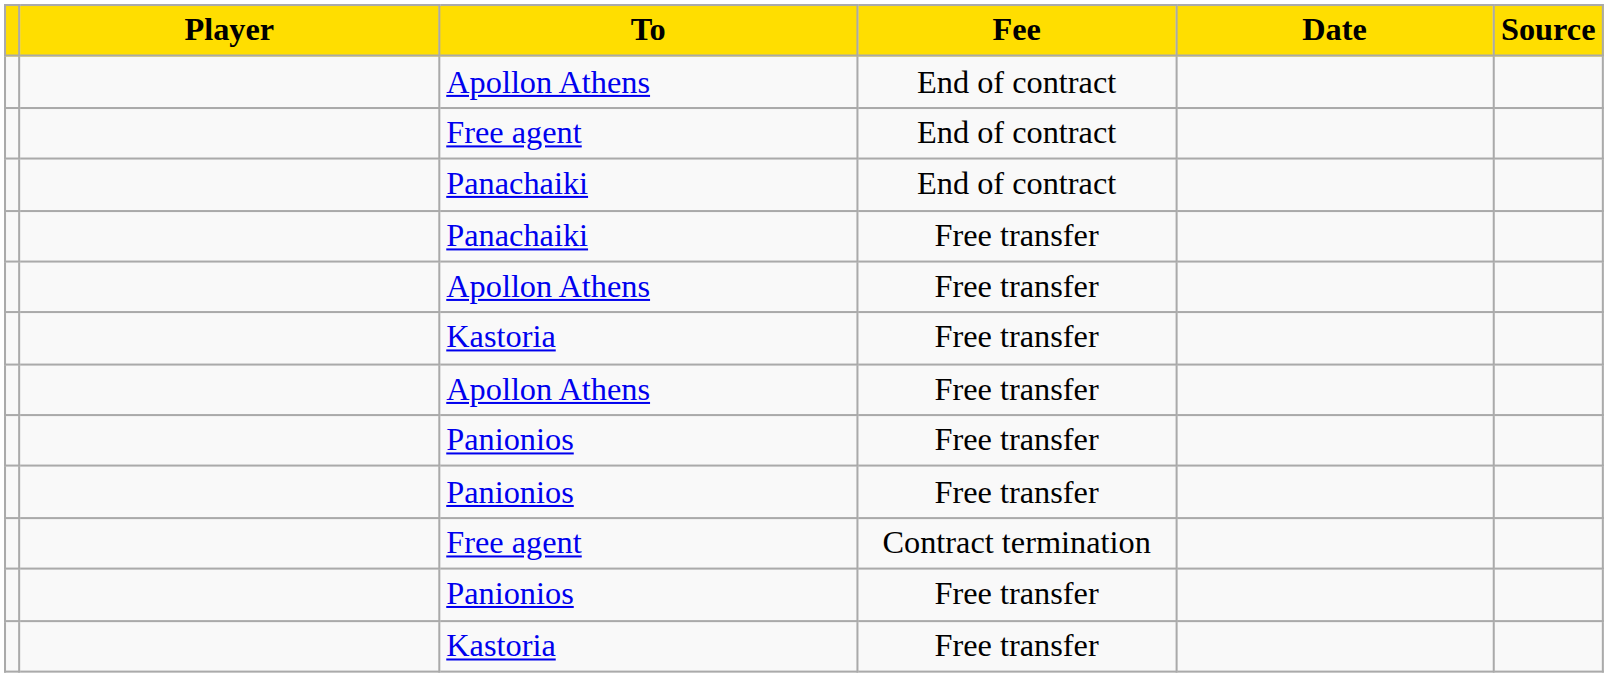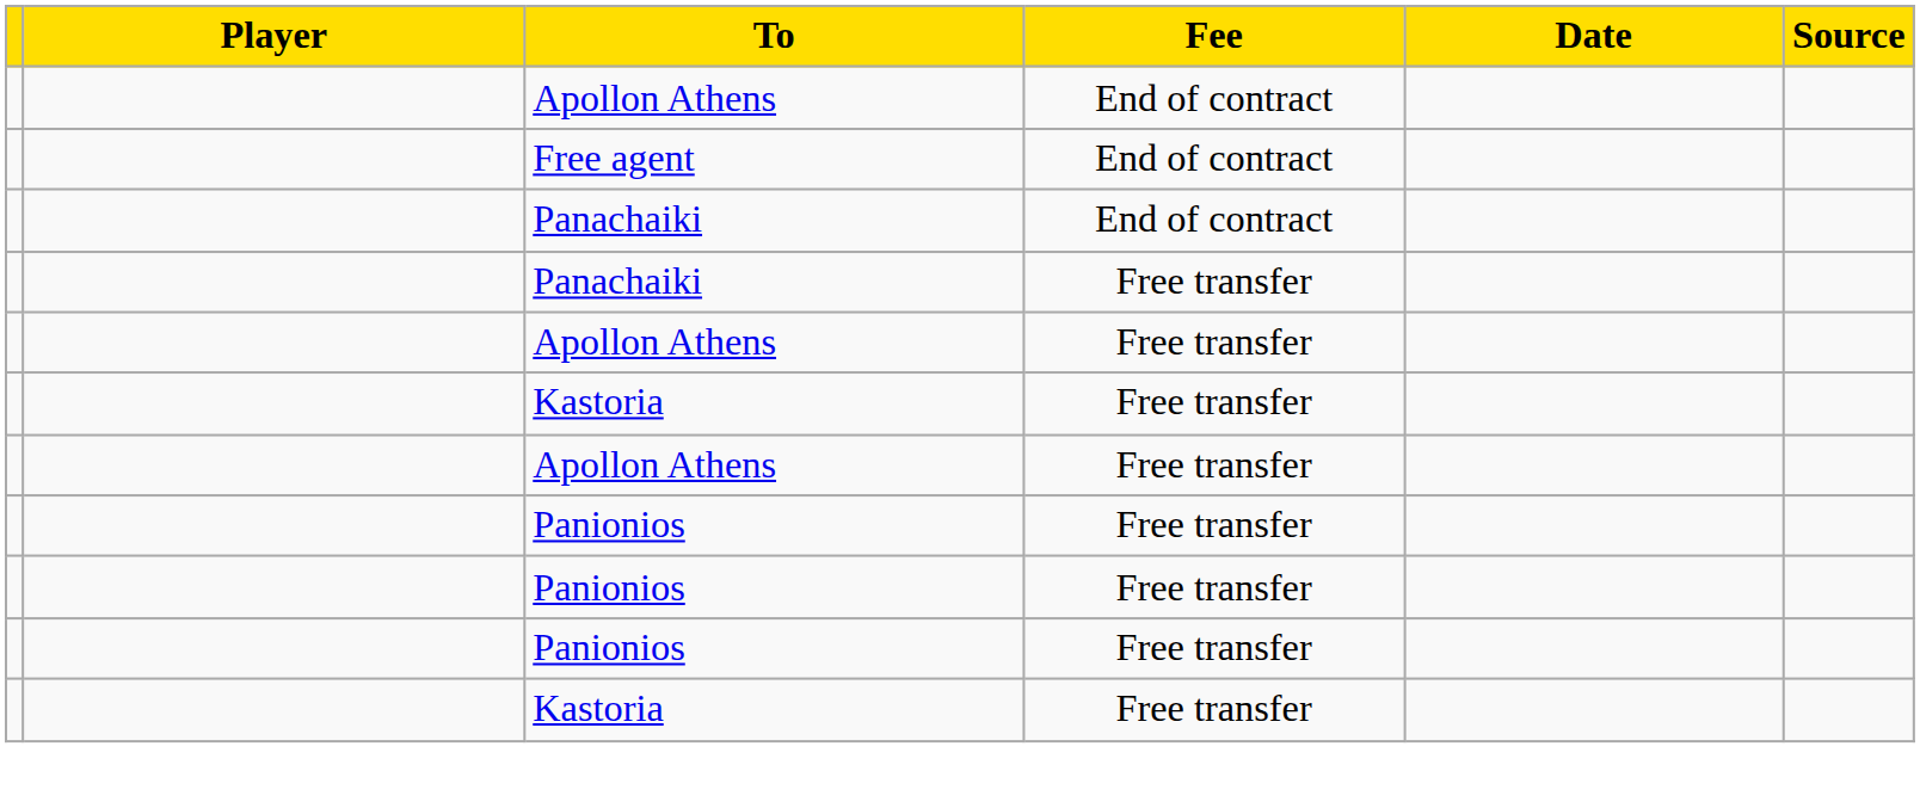 <table class="wikitable sortable">
 <tr>
 <th style="background:#FFDE00"></th>
 <th width=200 style="background:#FFDE00">Player</th>
 <th width=200 style="background:#FFDE00">To</th>
 <th width=150 style="background:#FFDE00">Fee</th>
 <th width=150 style="background:#FFDE00">Date</th>
 <th style="background:#FFDE00">Source</th>
 </tr>
 <tr>
 <td align=center></td>
 <td></td>
 <td> <a href='#'>Apollon Athens</a></td>
 <td align=center>End of contract</td>
 <td align=center></td>
 <td align=center></td>
 </tr>
 <tr>
 <td align=center></td>
 <td></td>
 <td><a href='#'>Free agent</a></td>
 <td align=center>End of contract</td>
 <td align=center></td>
 <td align=center></td>
 </tr>
 <tr>
 <td align=center></td>
 <td></td>
 <td> <a href='#'>Panachaiki</a></td>
 <td align=center>End of contract</td>
 <td align=center></td>
 <td align=center></td>
 </tr>
 <tr>
 <td align=center></td>
 <td></td>
 <td> <a href='#'>Panachaiki</a></td>
 <td align=center>Free transfer</td>
 <td align=center></td>
 <td align=center></td>
 </tr>
 <tr>
 <td align=center></td>
 <td></td>
 <td> <a href='#'>Apollon Athens</a></td>
 <td align=center>Free transfer</td>
 <td align=center></td>
 <td align=center></td>
 </tr>
 <tr>
 <td align=center></td>
 <td></td>
 <td> <a href='#'>Kastoria</a></td>
 <td align=center>Free transfer</td>
 <td align=center></td>
 <td align=center></td>
 </tr>
 <tr>
 <td align=center></td>
 <td></td>
 <td> <a href='#'>Apollon Athens</a></td>
 <td align=center>Free transfer</td>
 <td align=center></td>
 <td align=center></td>
 </tr>
 <tr>
 <td align=center></td>
 <td></td>
 <td> <a href='#'>Panionios</a></td>
 <td align=center>Free transfer</td>
 <td align=center></td>
 <td align=center></td>
 </tr>
 <tr>
 <td align=center></td>
 <td></td>
 <td> <a href='#'>Panionios</a></td>
 <td align=center>Free transfer</td>
 <td align=center></td>
 <td align=center></td>
 </tr>
 <tr>
 <td align=center></td>
 <td></td>
-<td><a href='#'>Free agent</a></td>
-<td align=center>Contract termination</td>
-<td align=center></td>
-<td align=center></td>
-</tr>
-<tr>
-<td align=center></td>
-<td></td>
 <td> <a href='#'>Panionios</a></td>
 <td align=center>Free transfer</td>
 <td align=center></td>
 <td align=center></td>
 </tr>
 <tr>
 <td align=center></td>
 <td></td>
 <td> <a href='#'>Kastoria</a></td>
 <td align=center>Free transfer</td>
 <td align=center></td>
 <td align=center></td>
 </tr>
 </table>
